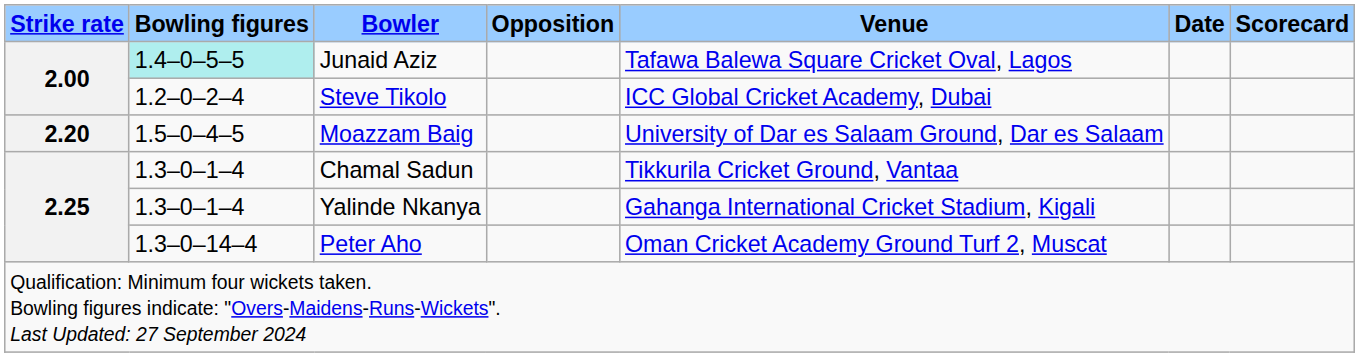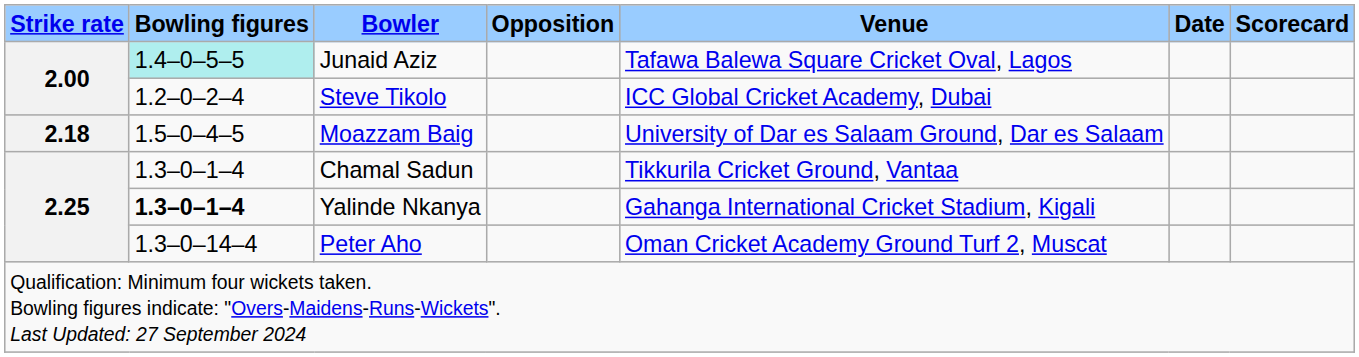 <table class="wikitable defaultleft" style="font-size: 95%">
 <tr>
 <th style="background-color:#9cf;"><a href='#'>Strike rate</a></th>
 <th style="background-color:#9cf;">Bowling figures</th>
 <th style="background-color:#9cf;"><a href='#'>Bowler</a></th>
 <th style="background-color:#9cf;">Opposition</th>
 <th style="background-color:#9cf;">Venue</th>
 <th style="background-color:#9cf;">Date</th>
 <th style="background-color:#9cf;">Scorecard</th>
 </tr>
 <tr>
 <th scope=row style=text-align:center; rowspan=2>2.00</th>
 <td style="background: paleturquoise;">1.4–0–5–5</td>
 <td> Junaid Aziz</td>
 <td></td>
 <td><a href='#'>Tafawa Balewa Square Cricket Oval</a>, <a href='#'>Lagos</a></td>
 <td></td>
 <td></td>
 </tr>
 <tr>
 <td>1.2–0–2–4</td>
 <td> <a href='#'>Steve Tikolo</a></td>
 <td></td>
 <td><a href='#'>ICC Global Cricket Academy</a>, <a href='#'>Dubai</a></td>
 <td></td>
 <td></td>
 </tr>
 <tr>
-<th scope=row style=text-align:center;>2.20</th>
+<th scope=row style=text-align:center;>2.18</th>
 <td>1.5–0–4–5</td>
 <td> <a href='#'>Moazzam Baig</a></td>
 <td></td>
 <td><a href='#'>University of Dar es Salaam Ground</a>, <a href='#'>Dar es Salaam</a></td>
 <td></td>
 <td></td>
 </tr>
 <tr>
 <th scope=row style=text-align:center; rowspan=3>2.25</th>
 <td>1.3–0–1–4</td>
 <td> Chamal Sadun</td>
 <td></td>
 <td><a href='#'>Tikkurila Cricket Ground</a>, <a href='#'>Vantaa</a></td>
 <td></td>
 <td></td>
 </tr>
 <tr>
-<td>1.3–0–1–4</td>
+<td><strong>1.3–0–1–4</strong></td>
 <td> Yalinde Nkanya</td>
 <td></td>
 <td><a href='#'>Gahanga International Cricket Stadium</a>, <a href='#'>Kigali</a></td>
 <td></td>
 <td></td>
 </tr>
 <tr>
 <td>1.3–0–14–4</td>
 <td> <a href='#'>Peter Aho</a></td>
 <td></td>
 <td><a href='#'>Oman Cricket Academy Ground Turf 2</a>, <a href='#'>Muscat</a></td>
 <td></td>
 <td></td>
 </tr>
 <tr class=sortbottom>
 <td colspan=7 style="text-align:left;"><small>Qualification: Minimum four wickets taken.<em><br> </em>Bowling figures indicate: "<a href='#'>Overs</a>-<a href='#'>Maidens</a>-<a href='#'>Runs</a>-<a href='#'>Wickets</a>".<br><em>Last Updated: 27 September 2024</em></small></td>
 </tr>
 </table>
